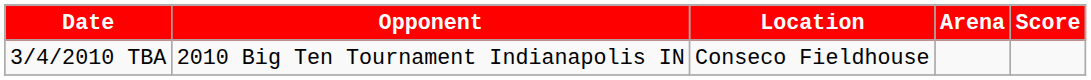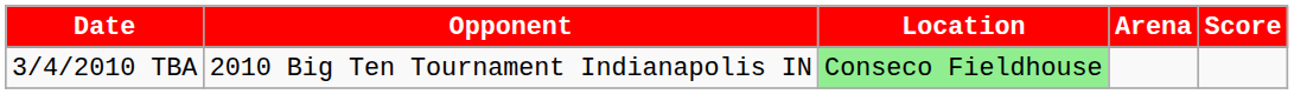 <table class="wikitable" style="text-align:center">
 <tr>
 <th style="background:red;color:#FFFFFF;">Date</th>
 <th style="background:red;color:#FFFFFF;">Opponent</th>
 <th style="background:red;color:#FFFFFF;">Location</th>
 <th style="background:red;color:#FFFFFF;">Arena</th>
 <th style="background:red;color:#FFFFFF;">Score</th>
 </tr>
 <tr>
 <td>3/4/2010 TBA</td>
 <td>2010 Big Ten Tournament 	Indianapolis IN</td>
-<td>Conseco Fieldhouse</td>
+<td style="background: lightgreen;">Conseco Fieldhouse</td>
 <td></td>
 </tr>
 </table>
